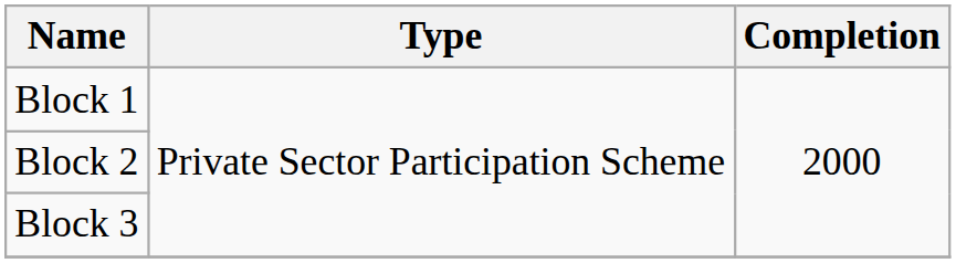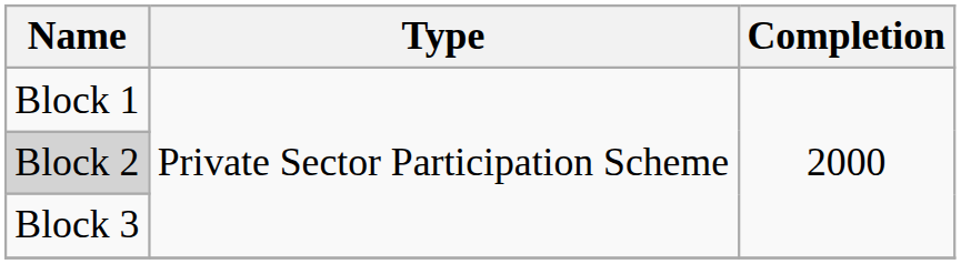 <table class="wikitable" style="text-align: center">
 <tr>
 <th>Name</th>
 <th>Type</th>
 <th>Completion</th>
 </tr>
 <tr>
 <td>Block 1</td>
 <td rowspan="3">Private Sector Participation Scheme</td>
 <td rowspan="3">2000</td>
 </tr>
 <tr>
-<td>Block 2</td>
+<td style="background: lightgrey;">Block 2</td>
 </tr>
 <tr>
 <td>Block 3</td>
 </tr>
 <tr>
 </tr>
 </table>
